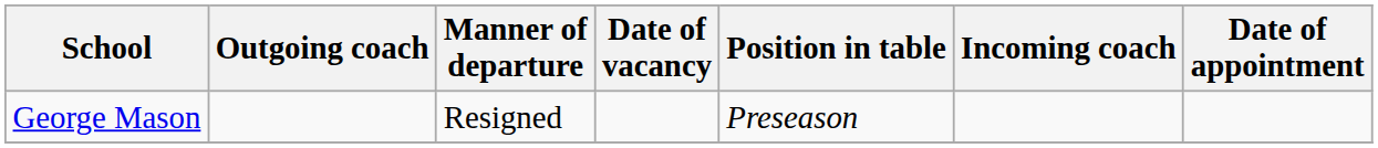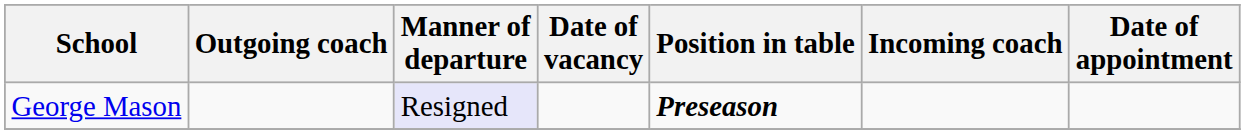 <table class="wikitable sortable">
 <tr>
 <th>School</th>
 <th>Outgoing coach</th>
 <th>Manner of <br> departure</th>
 <th>Date of <br> vacancy</th>
 <th>Position in table</th>
 <th>Incoming coach</th>
 <th>Date of <br> appointment</th>
 </tr>
 <tr>
 <td><a href='#'>George Mason</a></td>
 <td> </td>
-<td>Resigned</td>
+<td style="background: lavender;">Resigned</td>
 <td></td>
-<td><em>Preseason</em></td>
+<td><strong><em>Preseason</em></strong></td>
 <td> </td>
 <td></td>
 </tr>
 <tr>
 </tr>
 </table>
